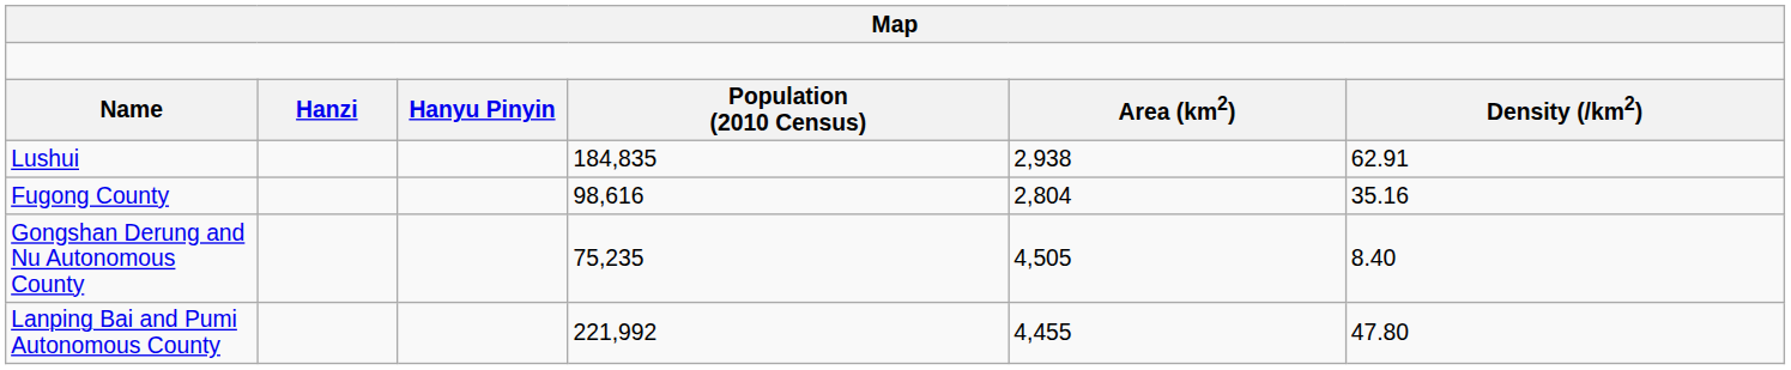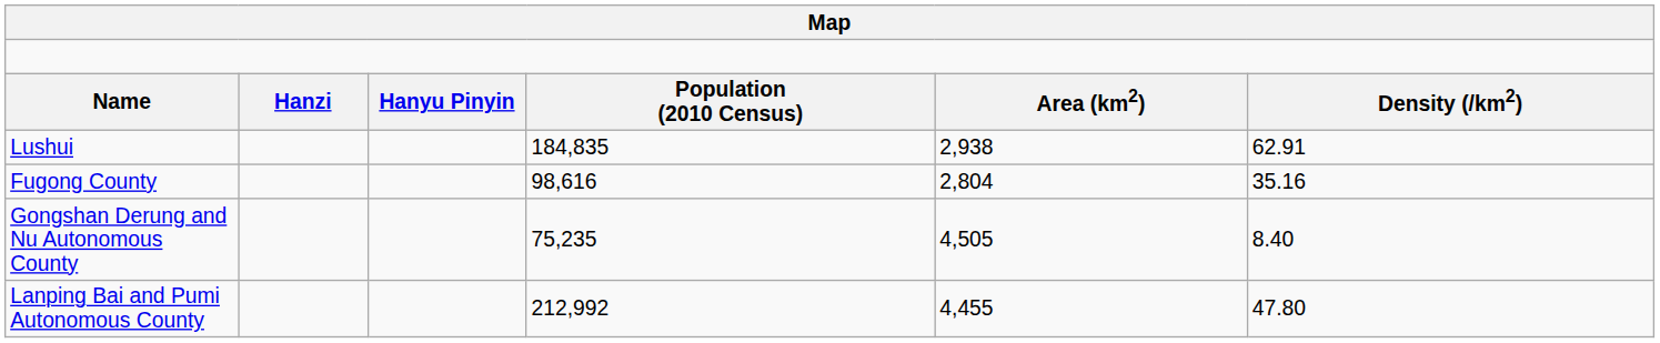 <table class="wikitable"  style="font-size:90%; width:70%;" align=center>
 <tr>
 <th colspan="6">Map</th>
 </tr>
 <tr>
 <td colspan="6"><div><br>       </div></td>
 </tr>
 <tr>
 <th width="150">Name</th>
 <th width="80"><a href='#'>Hanzi</a></th>
 <th width="100"><a href='#'>Hanyu Pinyin</a></th>
 <th>Population<br>(2010 Census)</th>
 <th>Area (km<sup>2</sup>)</th>
 <th>Density (/km<sup>2</sup>)</th>
 </tr>
 <tr --------->
 <td><a href='#'>Lushui</a></td>
 <td></td>
 <td></td>
 <td>184,835</td>
 <td>2,938</td>
 <td>62.91</td>
 </tr>
 <tr --------->
 <td><a href='#'>Fugong County</a></td>
 <td></td>
 <td></td>
 <td>98,616</td>
 <td>2,804</td>
 <td>35.16</td>
 </tr>
 <tr --------->
 <td><a href='#'>Gongshan Derung and Nu Autonomous County</a></td>
 <td></td>
 <td></td>
 <td>75,235</td>
 <td>4,505</td>
 <td>8.40</td>
 </tr>
 <tr --------->
 <td><a href='#'>Lanping Bai and Pumi Autonomous County</a></td>
 <td></td>
 <td></td>
-<td>221,992</td>
+<td>212,992</td>
 <td>4,455</td>
 <td>47.80</td>
 </tr>
 </table>
